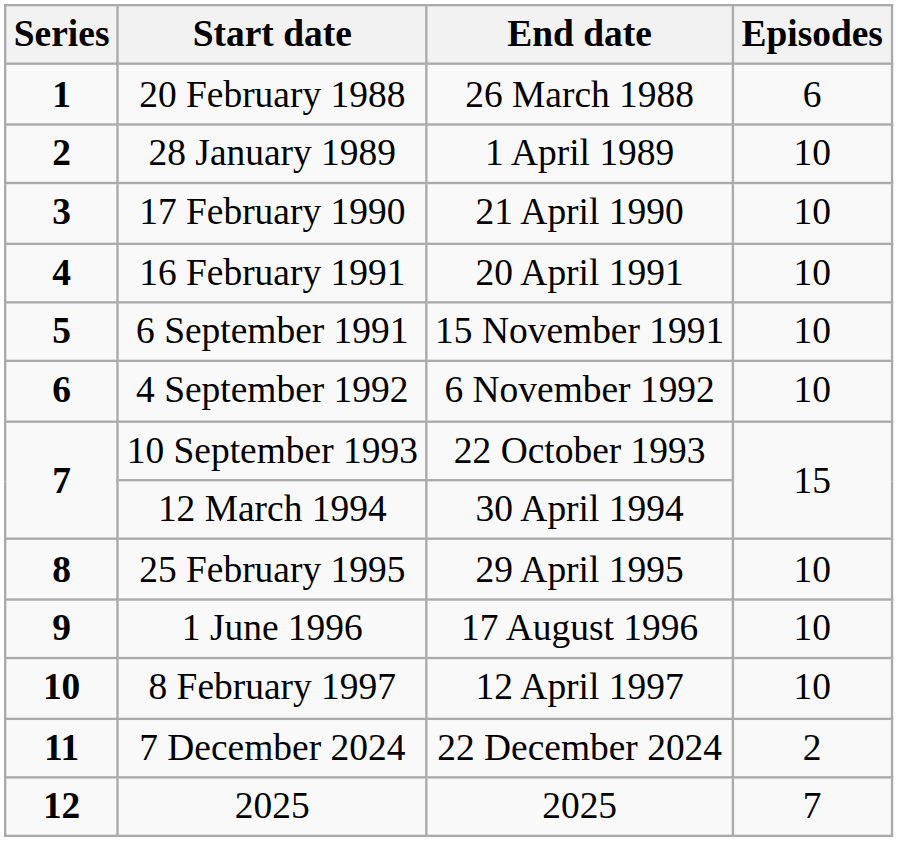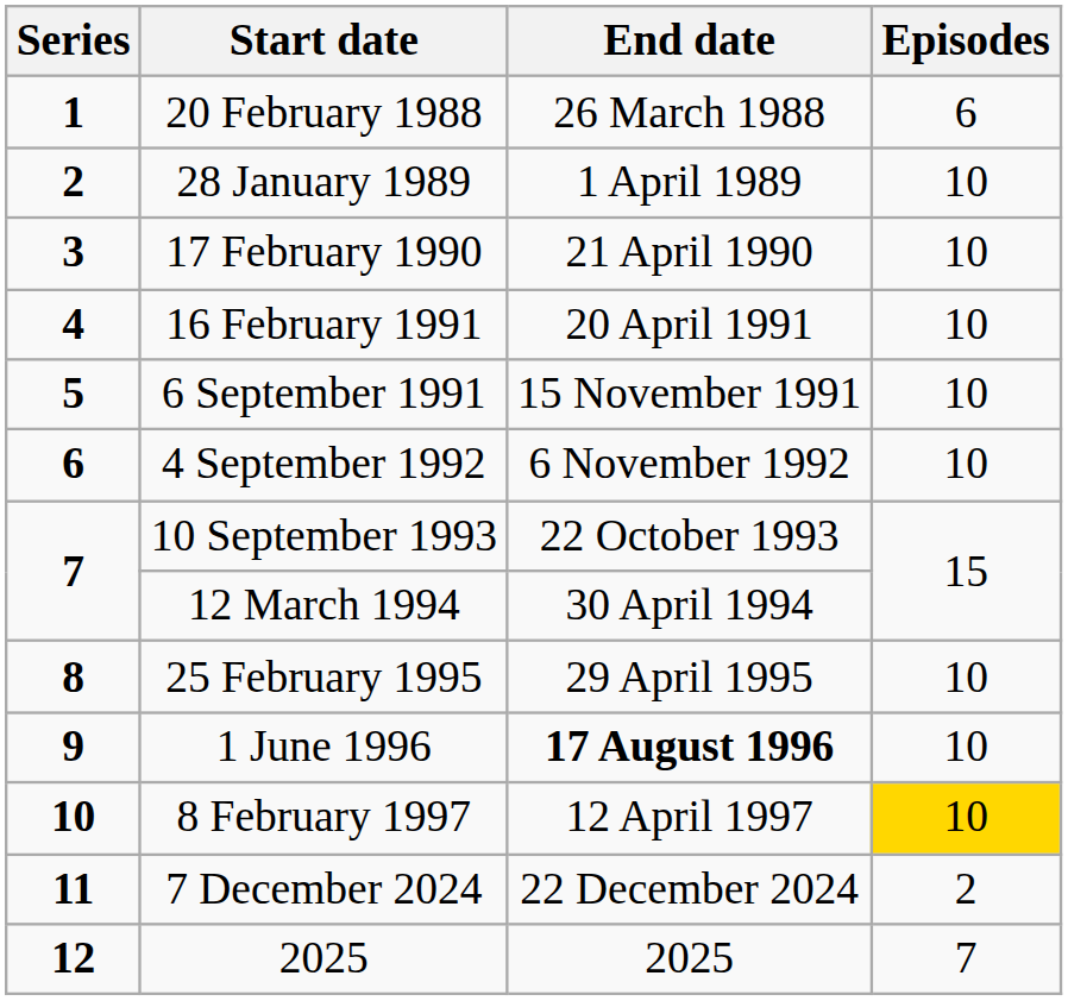 <table class="wikitable" style="text-align:center;">
 <tr>
 <th>Series</th>
 <th>Start date</th>
 <th>End date</th>
 <th>Episodes</th>
 </tr>
 <tr>
 <td><strong>1</strong></td>
 <td>20 February 1988</td>
 <td>26 March 1988</td>
 <td>6</td>
 </tr>
 <tr>
 <td><strong>2</strong></td>
 <td>28 January 1989</td>
 <td>1 April 1989</td>
 <td>10</td>
 </tr>
 <tr>
 <td><strong>3</strong></td>
 <td>17 February 1990</td>
 <td>21 April 1990</td>
 <td>10</td>
 </tr>
 <tr>
 <td><strong>4</strong></td>
 <td>16 February 1991</td>
 <td>20 April 1991</td>
 <td>10</td>
 </tr>
 <tr>
 <td><strong>5</strong></td>
 <td>6 September 1991</td>
 <td>15 November 1991</td>
 <td>10</td>
 </tr>
 <tr>
 <td><strong>6</strong></td>
 <td>4 September 1992</td>
 <td>6 November 1992</td>
 <td>10</td>
 </tr>
 <tr>
 <td rowspan="2"><strong>7</strong></td>
 <td>10 September 1993</td>
 <td>22 October 1993</td>
 <td rowspan="2">15</td>
 </tr>
 <tr>
 <td>12 March 1994</td>
 <td>30 April 1994</td>
 </tr>
 <tr>
 <td><strong>8</strong></td>
 <td>25 February 1995</td>
 <td>29 April 1995</td>
 <td>10</td>
 </tr>
 <tr>
 <td><strong>9</strong></td>
 <td>1 June 1996</td>
-<td>17 August 1996</td>
+<td><strong>17 August 1996</strong></td>
 <td>10</td>
 </tr>
 <tr>
 <td><strong>10</strong></td>
 <td>8 February 1997</td>
 <td>12 April 1997</td>
-<td>10</td>
+<td style="background: gold;">10</td>
 </tr>
 <tr>
 <td><strong>11</strong></td>
 <td>7 December 2024</td>
 <td>22 December 2024</td>
 <td>2</td>
 </tr>
 <tr>
 <td><strong>12</strong></td>
 <td>2025</td>
 <td>2025</td>
 <td>7</td>
 </tr>
 </table>
